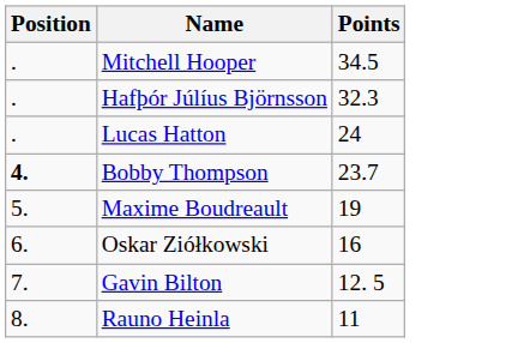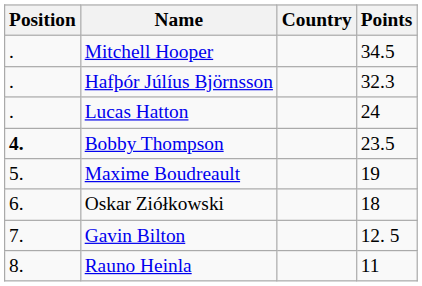 <table class="wikitable" style="display: inline-table">
 <tr>
 <th>Position</th>
 <th>Name</th>
+<th>Country</th>
 <th>Points</th>
 </tr>
 <tr>
 <td>.</td>
 <td><a href='#'>Mitchell Hooper</a></td>
+<td></td>
 <td>34.5</td>
 </tr>
 <tr>
 <td>.</td>
 <td><a href='#'>Hafþór Júlíus Björnsson</a></td>
+<td></td>
 <td>32.3</td>
 </tr>
 <tr>
 <td>.</td>
 <td><a href='#'>Lucas Hatton</a></td>
+<td></td>
 <td>24</td>
 </tr>
 <tr>
 <td><strong>4.</strong></td>
 <td><a href='#'>Bobby Thompson</a></td>
-<td>23.7</td>
+<td></td>
+<td>23.5</td>
 </tr>
 <tr>
 <td>5.</td>
 <td><a href='#'>Maxime Boudreault</a></td>
+<td></td>
 <td>19</td>
 </tr>
 <tr>
 <td>6.</td>
 <td>Oskar Ziółkowski</td>
-<td>16</td>
+<td></td>
+<td>18</td>
 </tr>
 <tr>
 <td>7.</td>
 <td><a href='#'>Gavin Bilton</a></td>
+<td></td>
 <td>12. 5</td>
 </tr>
 <tr>
 <td>8.</td>
 <td><a href='#'>Rauno Heinla</a></td>
+<td></td>
 <td>11</td>
 </tr>
 </table>
